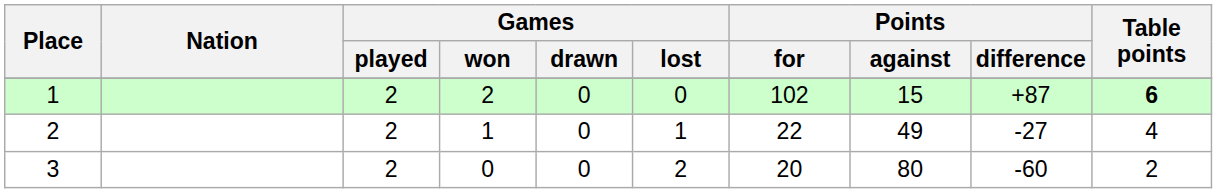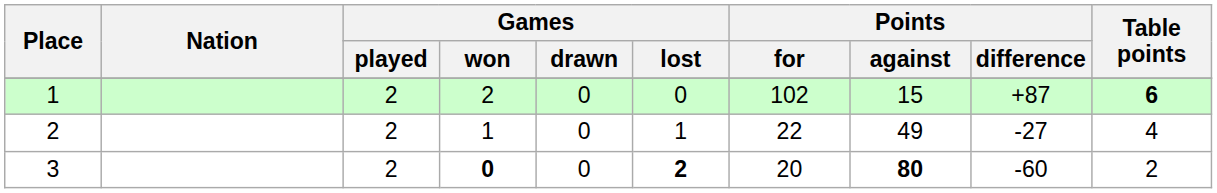 <table class="wikitable">
 <tr>
 <th rowspan=2 width="8%">Place</th>
 <th rowspan=2 width="20%">Nation</th>
 <th colspan=4 width="32%">Games</th>
 <th colspan=3 width="30%">Points</th>
 <th rowspan=2 width="10%">Table<br>points</th>
 </tr>
 <tr>
 <th width="8%">played</th>
 <th width="8%">won</th>
 <th width="8%">drawn</th>
 <th width="8%">lost</th>
 <th width="10%">for</th>
 <th width="10%">against</th>
 <th width="10%">difference</th>
 </tr>
 <tr>
 </tr>
 <tr bgcolor=#ccffcc align=center>
 <td>1</td>
 <td align=left><strong></strong></td>
 <td>2</td>
 <td>2</td>
 <td>0</td>
 <td>0</td>
 <td>102</td>
 <td>15</td>
 <td>+87</td>
 <td><strong>6</strong></td>
 </tr>
 <tr bgcolor=#ffffff align=center>
 <td>2</td>
 <td align=left></td>
 <td>2</td>
 <td>1</td>
 <td>0</td>
 <td>1</td>
 <td>22</td>
 <td>49</td>
 <td>-27</td>
 <td>4</td>
 </tr>
 <tr bgcolor=#ffffff align=center>
 <td>3</td>
 <td align=left></td>
 <td>2</td>
+<td><strong>0</strong></td>
 <td>0</td>
-<td>0</td>
-<td>2</td>
+<td><strong>2</strong></td>
 <td>20</td>
-<td>80</td>
+<td><strong>80</strong></td>
 <td>-60</td>
 <td>2</td>
 </tr>
 </table>
